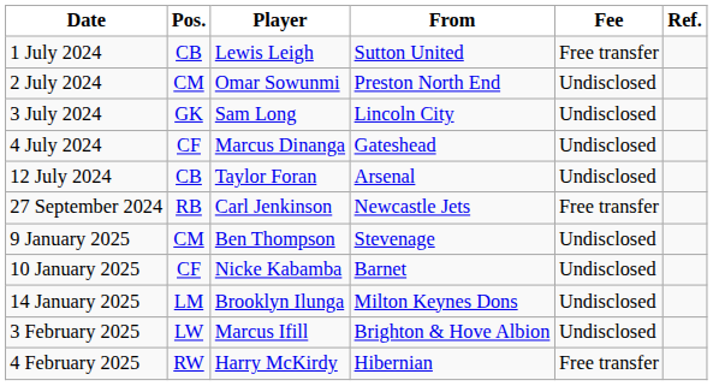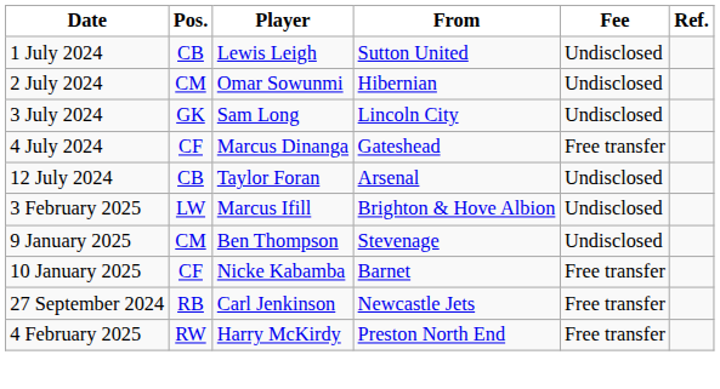 <table class="wikitable plainrowheaders sortable">
 <tr>
 <th style="background-color:#FFFFFF; color:#000000; ">Date</th>
 <th style="background-color:#FFFFFF; color:#000000; ">Pos.</th>
 <th style="background-color:#FFFFFF; color:#000000; ">Player</th>
 <th style="background-color:#FFFFFF; color:#000000; ">From</th>
 <th style="background-color:#FFFFFF; color:#000000; ">Fee</th>
 <th style="background-color:#FFFFFF; color:#000000; ">Ref.</th>
 </tr>
 <tr>
 <td>1 July 2024</td>
 <td style="text-align:center;"><a href='#'>CB</a></td>
 <td> <a href='#'>Lewis Leigh</a></td>
 <td> <a href='#'>Sutton United</a></td>
-<td>Free transfer</td>
+<td>Undisclosed</td>
 <td></td>
 </tr>
 <tr>
 <td>2 July 2024</td>
 <td style="text-align:center;"><a href='#'>CM</a></td>
 <td> <a href='#'>Omar Sowunmi</a></td>
-<td> <a href='#'>Preston North End</a></td>
+<td> <a href='#'>Hibernian</a></td>
 <td>Undisclosed</td>
 <td></td>
 </tr>
 <tr>
 <td>3 July 2024</td>
 <td style="text-align:center;"><a href='#'>GK</a></td>
 <td> <a href='#'>Sam Long</a></td>
 <td> <a href='#'>Lincoln City</a></td>
 <td>Undisclosed</td>
 <td></td>
 </tr>
 <tr>
 <td>4 July 2024</td>
 <td style="text-align:center;"><a href='#'>CF</a></td>
 <td> <a href='#'>Marcus Dinanga</a></td>
 <td> <a href='#'>Gateshead</a></td>
-<td>Undisclosed</td>
+<td>Free transfer</td>
 <td></td>
 </tr>
 <tr>
 <td>12 July 2024</td>
 <td style="text-align:center;"><a href='#'>CB</a></td>
 <td> <a href='#'>Taylor Foran</a></td>
 <td> <a href='#'>Arsenal</a></td>
 <td>Undisclosed</td>
 <td></td>
 </tr>
 <tr>
-<td>27 September 2024</td>
-<td style="text-align:center;"><a href='#'>RB</a></td>
-<td> <a href='#'>Carl Jenkinson</a></td>
-<td> <a href='#'>Newcastle Jets</a></td>
-<td>Free transfer</td>
+<td>3 February 2025</td>
+<td style="text-align:center;"><a href='#'>LW</a></td>
+<td> <a href='#'>Marcus Ifill</a></td>
+<td> <a href='#'>Brighton & Hove Albion</a></td>
+<td>Undisclosed</td>
 <td></td>
 </tr>
 <tr>
 <td>9 January 2025</td>
 <td style="text-align:center;"><a href='#'>CM</a></td>
 <td> <a href='#'>Ben Thompson</a></td>
 <td> <a href='#'>Stevenage</a></td>
 <td>Undisclosed</td>
 <td></td>
 </tr>
 <tr>
 <td>10 January 2025</td>
 <td style="text-align:center;"><a href='#'>CF</a></td>
 <td> <a href='#'>Nicke Kabamba</a></td>
 <td> <a href='#'>Barnet</a></td>
-<td>Undisclosed</td>
+<td>Free transfer</td>
 <td></td>
 </tr>
 <tr>
-<td>14 January 2025</td>
-<td style="text-align:center;"><a href='#'>LM</a></td>
-<td> <a href='#'>Brooklyn Ilunga</a></td>
-<td> <a href='#'>Milton Keynes Dons</a></td>
-<td>Undisclosed</td>
-<td></td>
-</tr>
-<tr>
-<td>3 February 2025</td>
-<td style="text-align:center;"><a href='#'>LW</a></td>
-<td> <a href='#'>Marcus Ifill</a></td>
-<td> <a href='#'>Brighton & Hove Albion</a></td>
-<td>Undisclosed</td>
+<td>27 September 2024</td>
+<td style="text-align:center;"><a href='#'>RB</a></td>
+<td> <a href='#'>Carl Jenkinson</a></td>
+<td> <a href='#'>Newcastle Jets</a></td>
+<td>Free transfer</td>
 <td></td>
 </tr>
 <tr>
 <td>4 February 2025</td>
 <td style="text-align:center;"><a href='#'>RW</a></td>
 <td> <a href='#'>Harry McKirdy</a></td>
-<td> <a href='#'>Hibernian</a></td>
+<td> <a href='#'>Preston North End</a></td>
 <td>Free transfer</td>
 <td></td>
 </tr>
 </table>
